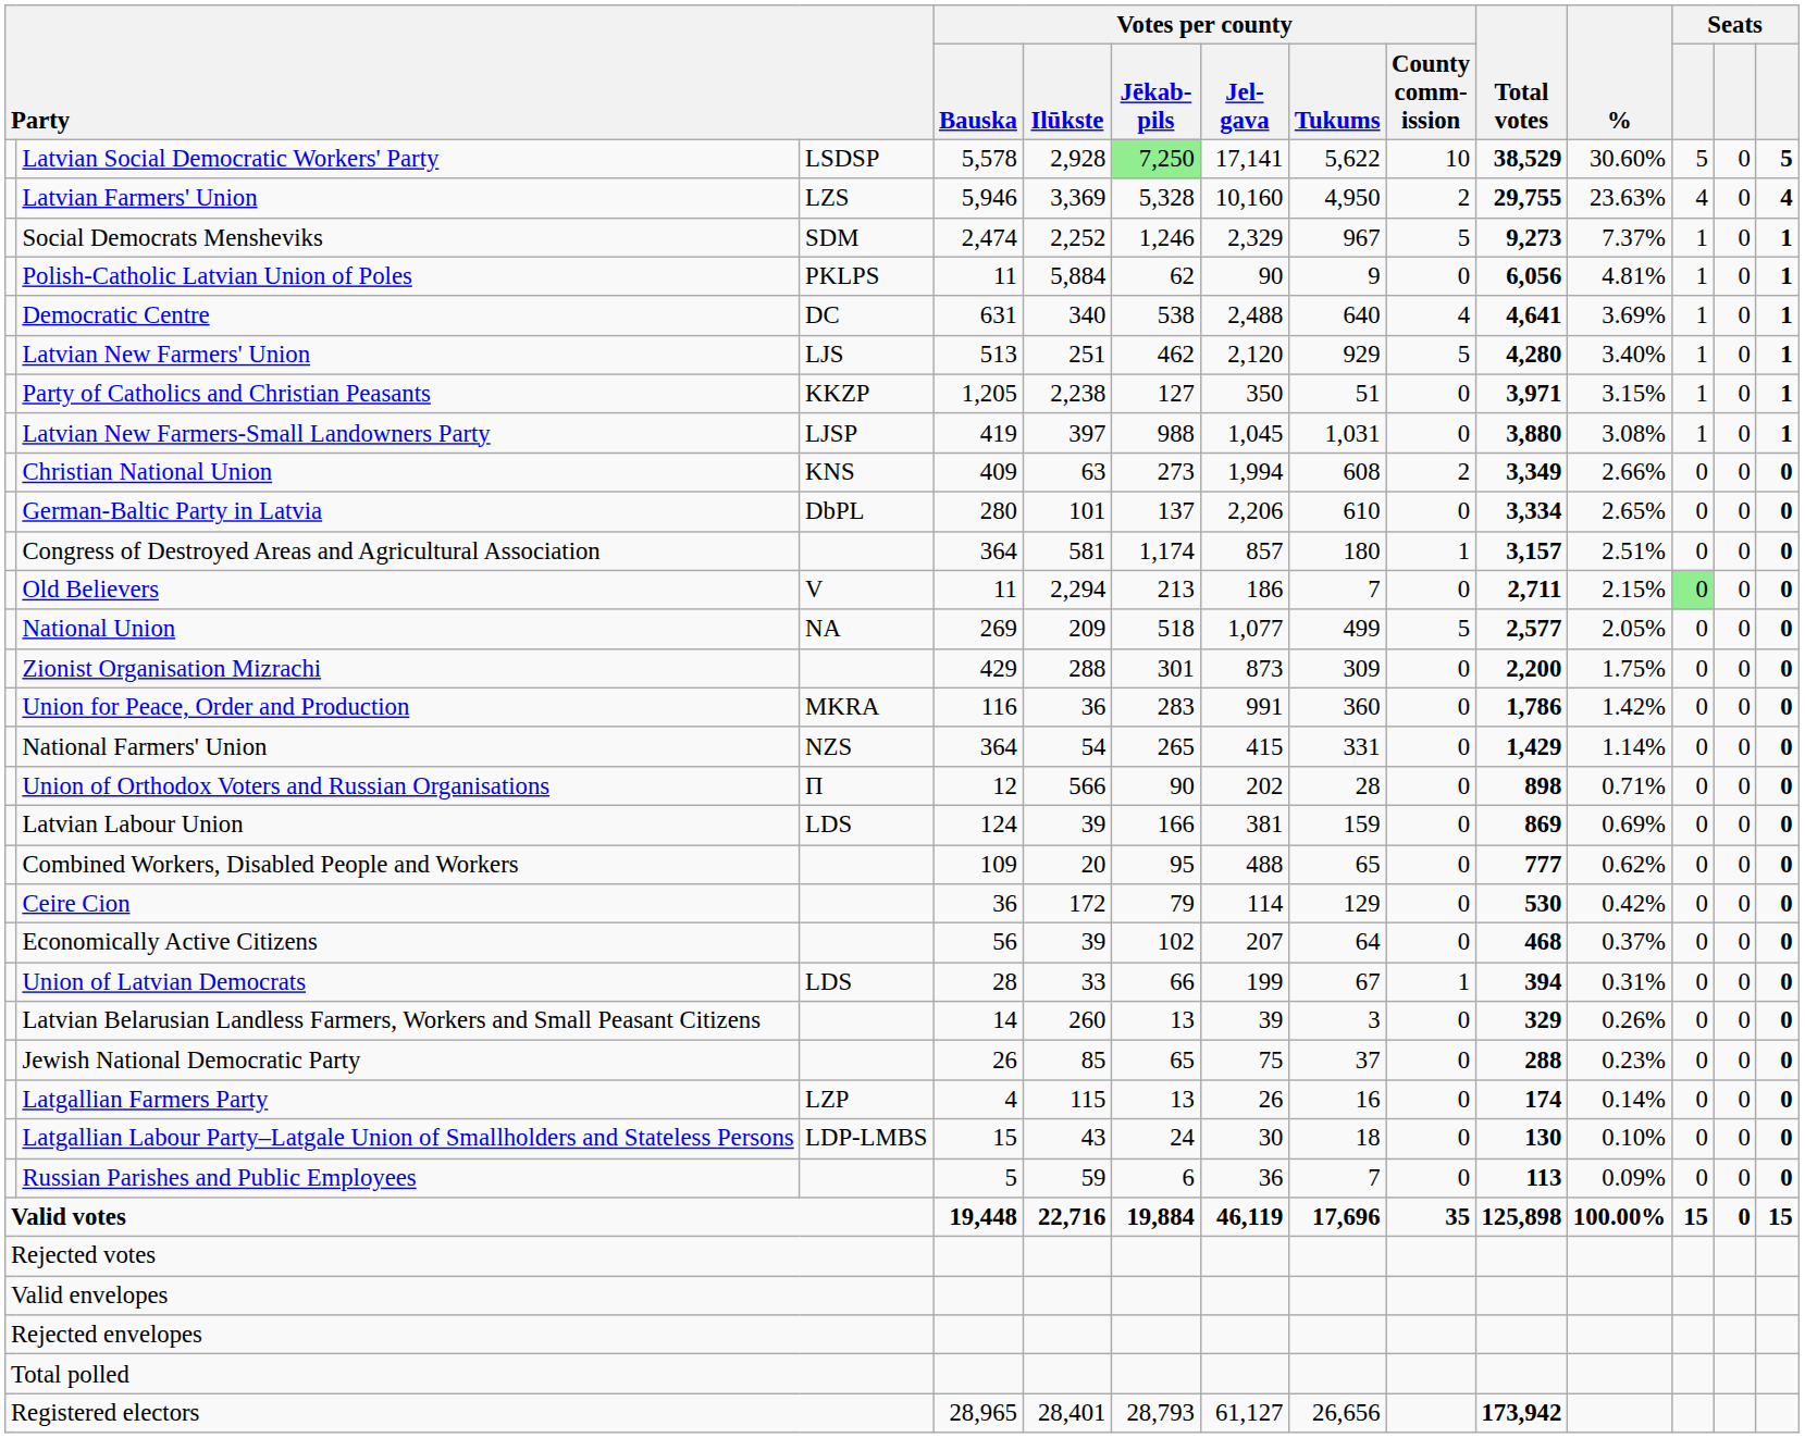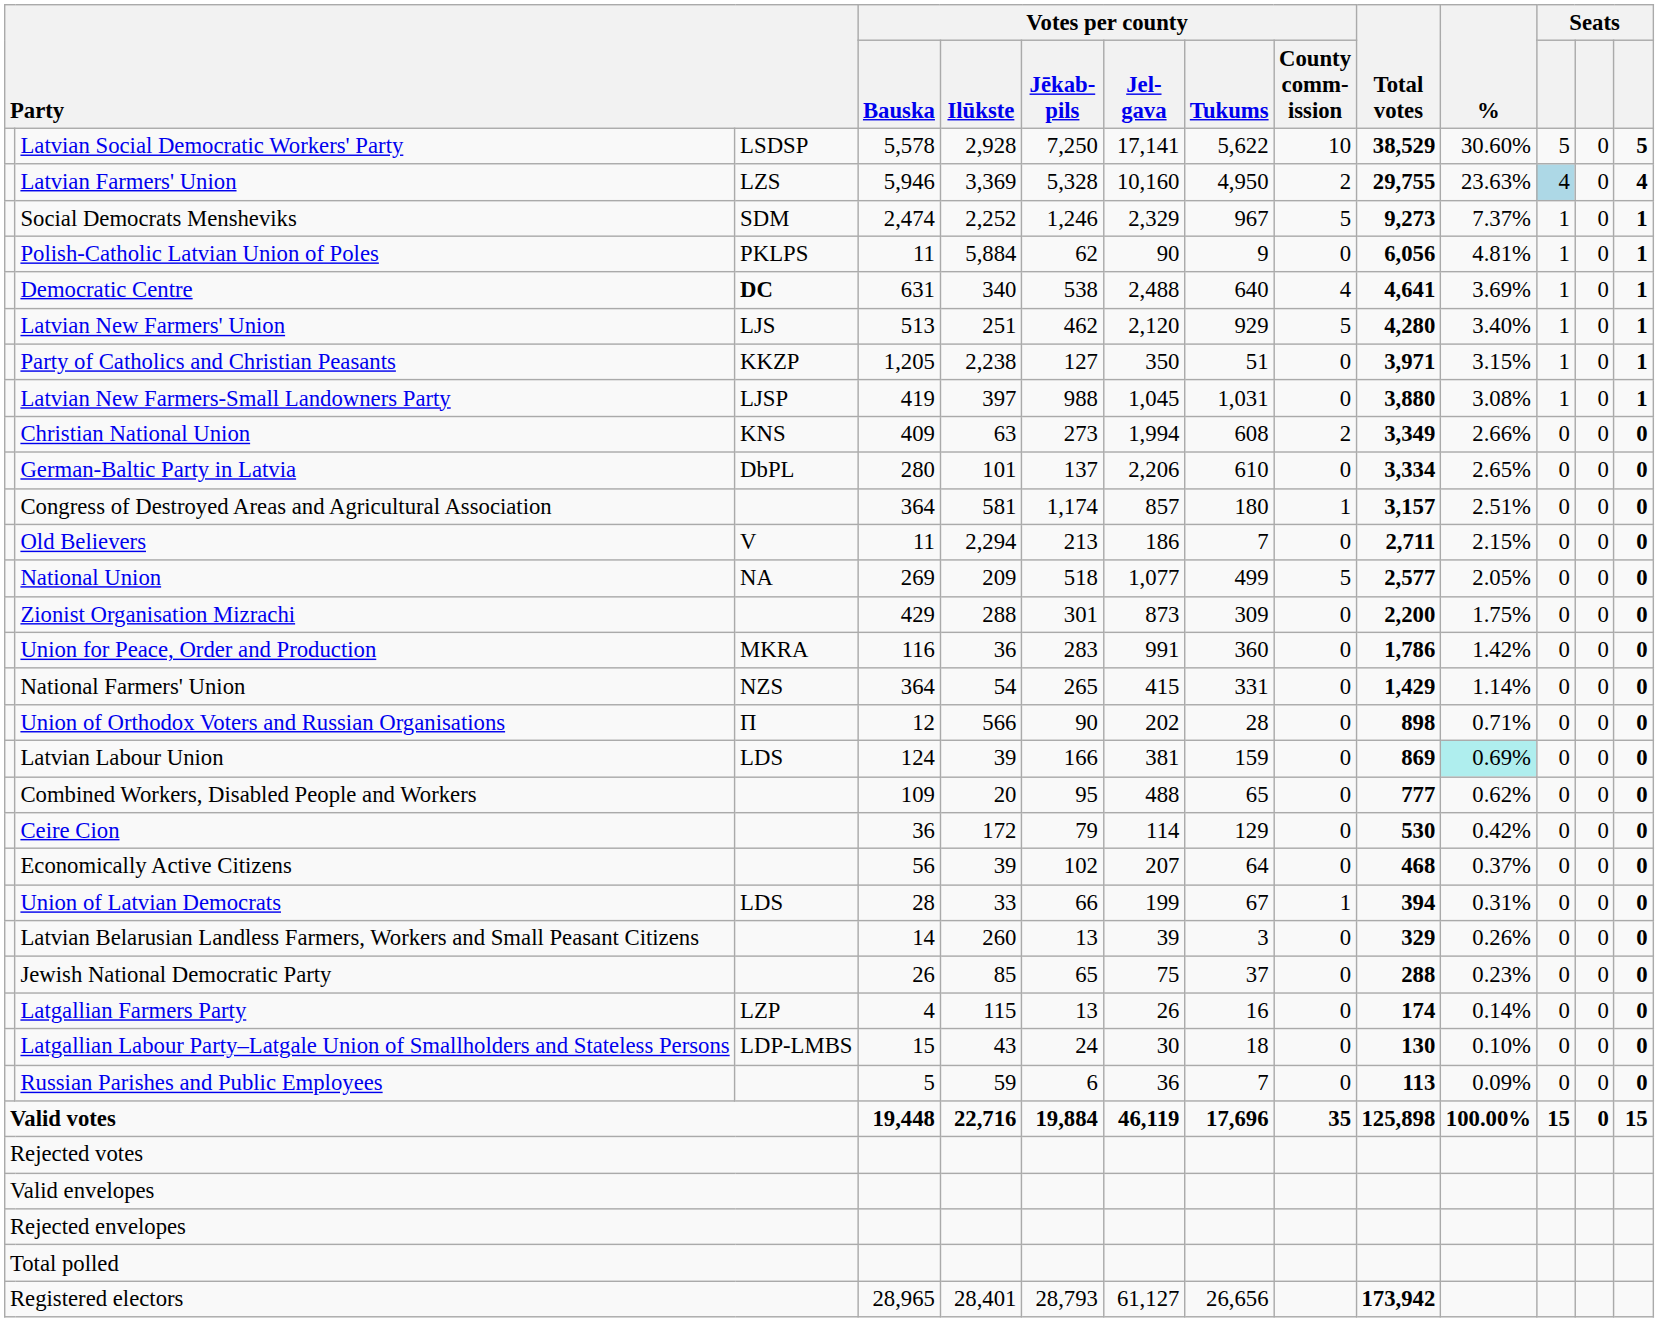 <table class="wikitable" border="1" style="text-align:right;">
 <tr>
 <th style="text-align:left;" valign=bottom rowspan=2 colspan=3>Party</th>
 <th colspan=6>Votes per county</th>
 <th align=center valign=bottom rowspan=2 width="50">Total votes</th>
 <th align=center valign=bottom rowspan=2 width="50">%</th>
 <th colspan=3>Seats</th>
 </tr>
 <tr>
 <th align=center valign=bottom width="50"><a href='#'>Bauska</a></th>
 <th align=center valign=bottom width="50"><a href='#'>Ilūkste</a></th>
 <th align=center valign=bottom width="50"><a href='#'>Jēkab- pils</a></th>
 <th align=center valign=bottom width="50"><a href='#'>Jel- gava</a></th>
 <th align=center valign=bottom width="50"><a href='#'>Tukums</a></th>
 <th align=center valign=bottom width="50">County comm- ission</th>
 <th align=center valign=bottom width="20"><small></small></th>
 <th align=center valign=bottom width="20"><small><a href='#'></a></small></th>
 <th align=center valign=bottom width="20"><small></small></th>
 </tr>
 <tr>
 <td></td>
 <td align=left style="white-space: nowrap;"><a href='#'>Latvian Social Democratic Workers' Party</a></td>
 <td align=left>LSDSP</td>
 <td>5,578</td>
 <td>2,928</td>
-<td style="background: lightgreen;">7,250</td>
+<td>7,250</td>
 <td>17,141</td>
 <td>5,622</td>
 <td>10</td>
 <td><strong>38,529</strong></td>
 <td>30.60%</td>
 <td>5</td>
 <td>0</td>
 <td><strong>5</strong></td>
 </tr>
 <tr>
 <td></td>
 <td align=left><a href='#'>Latvian Farmers' Union</a></td>
 <td align=left>LZS</td>
 <td>5,946</td>
 <td>3,369</td>
 <td>5,328</td>
 <td>10,160</td>
 <td>4,950</td>
 <td>2</td>
 <td><strong>29,755</strong></td>
 <td>23.63%</td>
-<td>4</td>
+<td style="background: lightblue;">4</td>
 <td>0</td>
 <td><strong>4</strong></td>
 </tr>
 <tr>
 <td></td>
 <td align=left>Social Democrats Mensheviks</td>
 <td align=left>SDM</td>
 <td>2,474</td>
 <td>2,252</td>
 <td>1,246</td>
 <td>2,329</td>
 <td>967</td>
 <td>5</td>
 <td><strong>9,273</strong></td>
 <td>7.37%</td>
 <td>1</td>
 <td>0</td>
 <td><strong>1</strong></td>
 </tr>
 <tr>
 <td></td>
 <td align=left><a href='#'>Polish-Catholic Latvian Union of Poles</a></td>
 <td align=left>PKLPS</td>
 <td>11</td>
 <td>5,884</td>
 <td>62</td>
 <td>90</td>
 <td>9</td>
 <td>0</td>
 <td><strong>6,056</strong></td>
 <td>4.81%</td>
 <td>1</td>
 <td>0</td>
 <td><strong>1</strong></td>
 </tr>
 <tr>
 <td></td>
 <td align=left><a href='#'>Democratic Centre</a></td>
-<td align=left>DC</td>
+<td align=left><strong>DC</strong></td>
 <td>631</td>
 <td>340</td>
 <td>538</td>
 <td>2,488</td>
 <td>640</td>
 <td>4</td>
 <td><strong>4,641</strong></td>
 <td>3.69%</td>
 <td>1</td>
 <td>0</td>
 <td><strong>1</strong></td>
 </tr>
 <tr>
 <td></td>
 <td align=left><a href='#'>Latvian New Farmers' Union</a></td>
 <td align=left>LJS</td>
 <td>513</td>
 <td>251</td>
 <td>462</td>
 <td>2,120</td>
 <td>929</td>
 <td>5</td>
 <td><strong>4,280</strong></td>
 <td>3.40%</td>
 <td>1</td>
 <td>0</td>
 <td><strong>1</strong></td>
 </tr>
 <tr>
 <td></td>
 <td align=left><a href='#'>Party of Catholics and Christian Peasants</a></td>
 <td align=left>KKZP</td>
 <td>1,205</td>
 <td>2,238</td>
 <td>127</td>
 <td>350</td>
 <td>51</td>
 <td>0</td>
 <td><strong>3,971</strong></td>
 <td>3.15%</td>
 <td>1</td>
 <td>0</td>
 <td><strong>1</strong></td>
 </tr>
 <tr>
 <td></td>
 <td align=left><a href='#'>Latvian New Farmers-Small Landowners Party</a></td>
 <td align=left>LJSP</td>
 <td>419</td>
 <td>397</td>
 <td>988</td>
 <td>1,045</td>
 <td>1,031</td>
 <td>0</td>
 <td><strong>3,880</strong></td>
 <td>3.08%</td>
 <td>1</td>
 <td>0</td>
 <td><strong>1</strong></td>
 </tr>
 <tr>
 <td></td>
 <td align=left><a href='#'>Christian National Union</a></td>
 <td align=left>KNS</td>
 <td>409</td>
 <td>63</td>
 <td>273</td>
 <td>1,994</td>
 <td>608</td>
 <td>2</td>
 <td><strong>3,349</strong></td>
 <td>2.66%</td>
 <td>0</td>
 <td>0</td>
 <td><strong>0</strong></td>
 </tr>
 <tr>
 <td></td>
 <td align=left><a href='#'>German-Baltic Party in Latvia</a></td>
 <td align=left>DbPL</td>
 <td>280</td>
 <td>101</td>
 <td>137</td>
 <td>2,206</td>
 <td>610</td>
 <td>0</td>
 <td><strong>3,334</strong></td>
 <td>2.65%</td>
 <td>0</td>
 <td>0</td>
 <td><strong>0</strong></td>
 </tr>
 <tr>
 <td></td>
 <td align=left>Congress of Destroyed Areas and Agricultural Association</td>
 <td align=left></td>
 <td>364</td>
 <td>581</td>
 <td>1,174</td>
 <td>857</td>
 <td>180</td>
 <td>1</td>
 <td><strong>3,157</strong></td>
 <td>2.51%</td>
 <td>0</td>
 <td>0</td>
 <td><strong>0</strong></td>
 </tr>
 <tr>
 <td></td>
 <td align=left><a href='#'>Old Believers</a></td>
 <td align=left>V</td>
 <td>11</td>
 <td>2,294</td>
 <td>213</td>
 <td>186</td>
 <td>7</td>
 <td>0</td>
 <td><strong>2,711</strong></td>
 <td>2.15%</td>
-<td style="background: lightgreen;">0</td>
+<td>0</td>
 <td>0</td>
 <td><strong>0</strong></td>
 </tr>
 <tr>
 <td></td>
 <td align=left><a href='#'>National Union</a></td>
 <td align=left>NA</td>
 <td>269</td>
 <td>209</td>
 <td>518</td>
 <td>1,077</td>
 <td>499</td>
 <td>5</td>
 <td><strong>2,577</strong></td>
 <td>2.05%</td>
 <td>0</td>
 <td>0</td>
 <td><strong>0</strong></td>
 </tr>
 <tr>
 <td></td>
 <td align=left><a href='#'>Zionist Organisation Mizrachi</a></td>
 <td align=left></td>
 <td>429</td>
 <td>288</td>
 <td>301</td>
 <td>873</td>
 <td>309</td>
 <td>0</td>
 <td><strong>2,200</strong></td>
 <td>1.75%</td>
 <td>0</td>
 <td>0</td>
 <td><strong>0</strong></td>
 </tr>
 <tr>
 <td></td>
 <td align=left><a href='#'>Union for Peace, Order and Production</a></td>
 <td align=left>MKRA</td>
 <td>116</td>
 <td>36</td>
 <td>283</td>
 <td>991</td>
 <td>360</td>
 <td>0</td>
 <td><strong>1,786</strong></td>
 <td>1.42%</td>
 <td>0</td>
 <td>0</td>
 <td><strong>0</strong></td>
 </tr>
 <tr>
 <td></td>
 <td align=left>National Farmers' Union</td>
 <td align=left>NZS</td>
 <td>364</td>
 <td>54</td>
 <td>265</td>
 <td>415</td>
 <td>331</td>
 <td>0</td>
 <td><strong>1,429</strong></td>
 <td>1.14%</td>
 <td>0</td>
 <td>0</td>
 <td><strong>0</strong></td>
 </tr>
 <tr>
 <td></td>
 <td align=left><a href='#'>Union of Orthodox Voters and Russian Organisations</a></td>
 <td align=left>П</td>
 <td>12</td>
 <td>566</td>
 <td>90</td>
 <td>202</td>
 <td>28</td>
 <td>0</td>
 <td><strong>898</strong></td>
 <td>0.71%</td>
 <td>0</td>
 <td>0</td>
 <td><strong>0</strong></td>
 </tr>
 <tr>
 <td></td>
 <td align=left>Latvian Labour Union</td>
 <td align=left>LDS</td>
 <td>124</td>
 <td>39</td>
 <td>166</td>
 <td>381</td>
 <td>159</td>
 <td>0</td>
 <td><strong>869</strong></td>
-<td>0.69%</td>
+<td style="background: paleturquoise;">0.69%</td>
 <td>0</td>
 <td>0</td>
 <td><strong>0</strong></td>
 </tr>
 <tr>
 <td></td>
 <td align=left>Combined Workers, Disabled People and Workers</td>
 <td align=left></td>
 <td>109</td>
 <td>20</td>
 <td>95</td>
 <td>488</td>
 <td>65</td>
 <td>0</td>
 <td><strong>777</strong></td>
 <td>0.62%</td>
 <td>0</td>
 <td>0</td>
 <td><strong>0</strong></td>
 </tr>
 <tr>
 <td></td>
 <td align=left><a href='#'>Ceire Cion</a></td>
 <td align=left></td>
 <td>36</td>
 <td>172</td>
 <td>79</td>
 <td>114</td>
 <td>129</td>
 <td>0</td>
 <td><strong>530</strong></td>
 <td>0.42%</td>
 <td>0</td>
 <td>0</td>
 <td><strong>0</strong></td>
 </tr>
 <tr>
 <td></td>
 <td align=left>Economically Active Citizens</td>
 <td align=left></td>
 <td>56</td>
 <td>39</td>
 <td>102</td>
 <td>207</td>
 <td>64</td>
 <td>0</td>
 <td><strong>468</strong></td>
 <td>0.37%</td>
 <td>0</td>
 <td>0</td>
 <td><strong>0</strong></td>
 </tr>
 <tr>
 <td></td>
 <td align=left><a href='#'>Union of Latvian Democrats</a></td>
 <td align=left>LDS</td>
 <td>28</td>
 <td>33</td>
 <td>66</td>
 <td>199</td>
 <td>67</td>
 <td>1</td>
 <td><strong>394</strong></td>
 <td>0.31%</td>
 <td>0</td>
 <td>0</td>
 <td><strong>0</strong></td>
 </tr>
 <tr>
 <td></td>
 <td align=left>Latvian Belarusian Landless Farmers, Workers and Small Peasant Citizens</td>
 <td align=left></td>
 <td>14</td>
 <td>260</td>
 <td>13</td>
 <td>39</td>
 <td>3</td>
 <td>0</td>
 <td><strong>329</strong></td>
 <td>0.26%</td>
 <td>0</td>
 <td>0</td>
 <td><strong>0</strong></td>
 </tr>
 <tr>
 <td></td>
 <td align=left>Jewish National Democratic Party</td>
 <td align=left></td>
 <td>26</td>
 <td>85</td>
 <td>65</td>
 <td>75</td>
 <td>37</td>
 <td>0</td>
 <td><strong>288</strong></td>
 <td>0.23%</td>
 <td>0</td>
 <td>0</td>
 <td><strong>0</strong></td>
 </tr>
 <tr>
 <td></td>
 <td align=left><a href='#'>Latgallian Farmers Party</a></td>
 <td align=left>LZP</td>
 <td>4</td>
 <td>115</td>
 <td>13</td>
 <td>26</td>
 <td>16</td>
 <td>0</td>
 <td><strong>174</strong></td>
 <td>0.14%</td>
 <td>0</td>
 <td>0</td>
 <td><strong>0</strong></td>
 </tr>
 <tr>
 <td></td>
 <td align=left><a href='#'>Latgallian Labour Party–Latgale Union of Smallholders and Stateless Persons</a></td>
 <td align=left>LDP-LMBS</td>
 <td>15</td>
 <td>43</td>
 <td>24</td>
 <td>30</td>
 <td>18</td>
 <td>0</td>
 <td><strong>130</strong></td>
 <td>0.10%</td>
 <td>0</td>
 <td>0</td>
 <td><strong>0</strong></td>
 </tr>
 <tr>
 <td></td>
 <td align=left><a href='#'>Russian Parishes and Public Employees</a></td>
 <td align=left></td>
 <td>5</td>
 <td>59</td>
 <td>6</td>
 <td>36</td>
 <td>7</td>
 <td>0</td>
 <td><strong>113</strong></td>
 <td>0.09%</td>
 <td>0</td>
 <td>0</td>
 <td><strong>0</strong></td>
 </tr>
 <tr style="font-weight:bold">
 <td align=left colspan=3>Valid votes</td>
 <td>19,448</td>
 <td>22,716</td>
 <td>19,884</td>
 <td>46,119</td>
 <td>17,696</td>
 <td>35</td>
 <td>125,898</td>
 <td>100.00%</td>
 <td>15</td>
 <td>0</td>
 <td>15</td>
 </tr>
 <tr>
 <td align=left colspan=3>Rejected votes</td>
 <td></td>
 <td></td>
 <td></td>
 <td></td>
 <td></td>
 <td></td>
 <td></td>
 <td></td>
 <td></td>
 <td></td>
 <td></td>
 </tr>
 <tr>
 <td align=left colspan=3>Valid envelopes</td>
 <td></td>
 <td></td>
 <td></td>
 <td></td>
 <td></td>
 <td></td>
 <td></td>
 <td></td>
 <td></td>
 <td></td>
 <td></td>
 </tr>
 <tr>
 <td align=left colspan=3>Rejected envelopes</td>
 <td></td>
 <td></td>
 <td></td>
 <td></td>
 <td></td>
 <td></td>
 <td></td>
 <td></td>
 <td></td>
 <td></td>
 <td></td>
 </tr>
 <tr>
 <td align=left colspan=3>Total polled</td>
 <td></td>
 <td></td>
 <td></td>
 <td></td>
 <td></td>
 <td></td>
 <td></td>
 <td></td>
 <td></td>
 <td></td>
 <td></td>
 </tr>
 <tr>
 <td align=left colspan=3>Registered electors</td>
 <td>28,965</td>
 <td>28,401</td>
 <td>28,793</td>
 <td>61,127</td>
 <td>26,656</td>
 <td></td>
 <td><strong>173,942</strong></td>
 <td></td>
 <td></td>
 <td></td>
 <td></td>
 </tr>
 </table>
